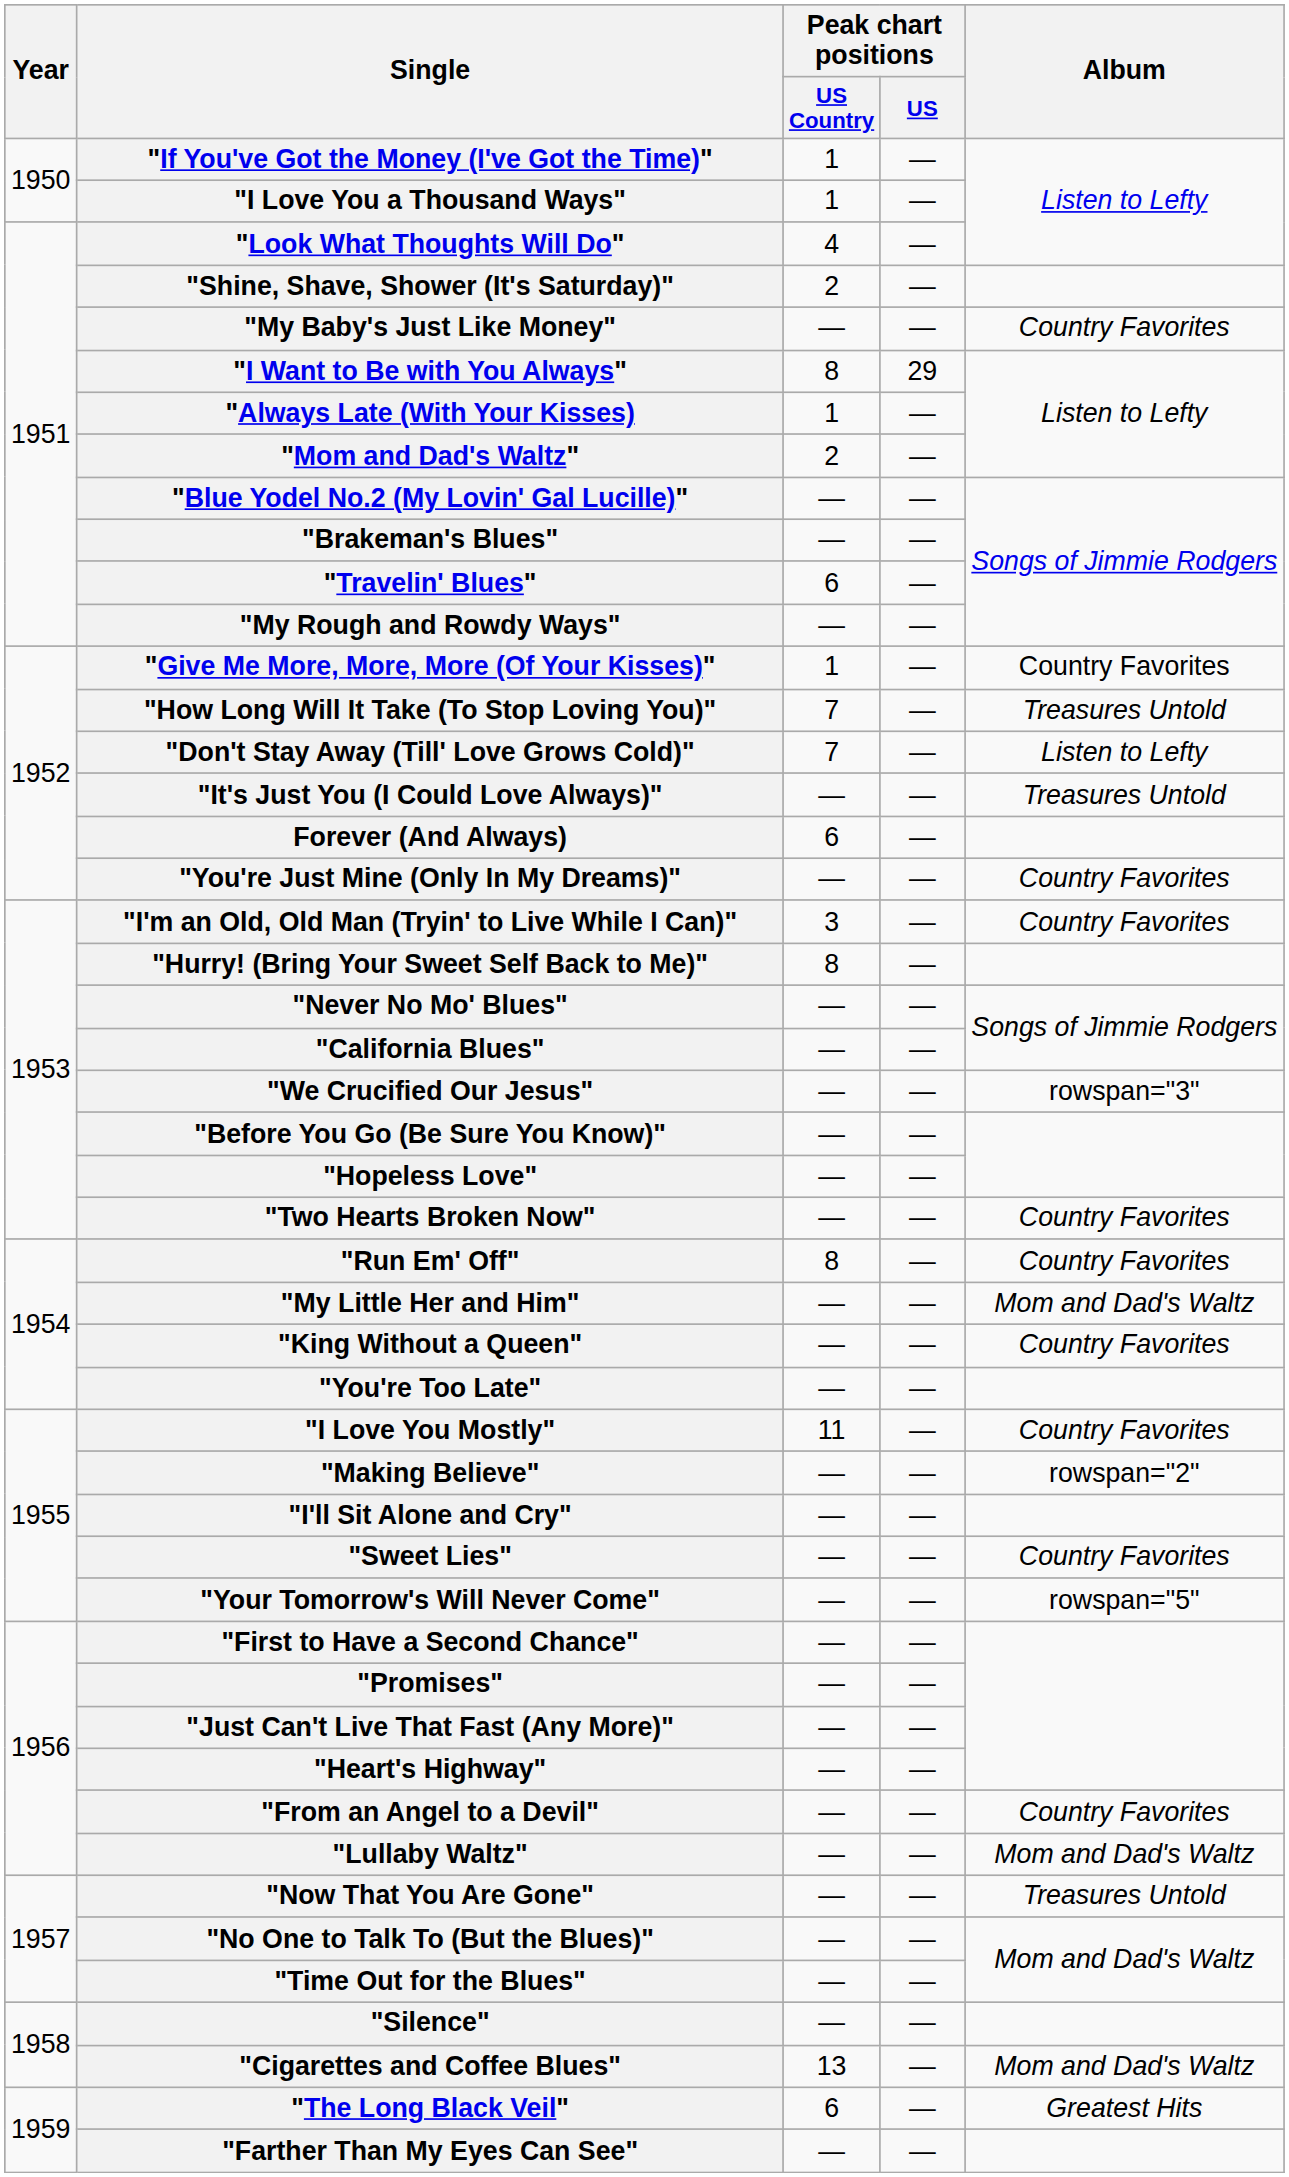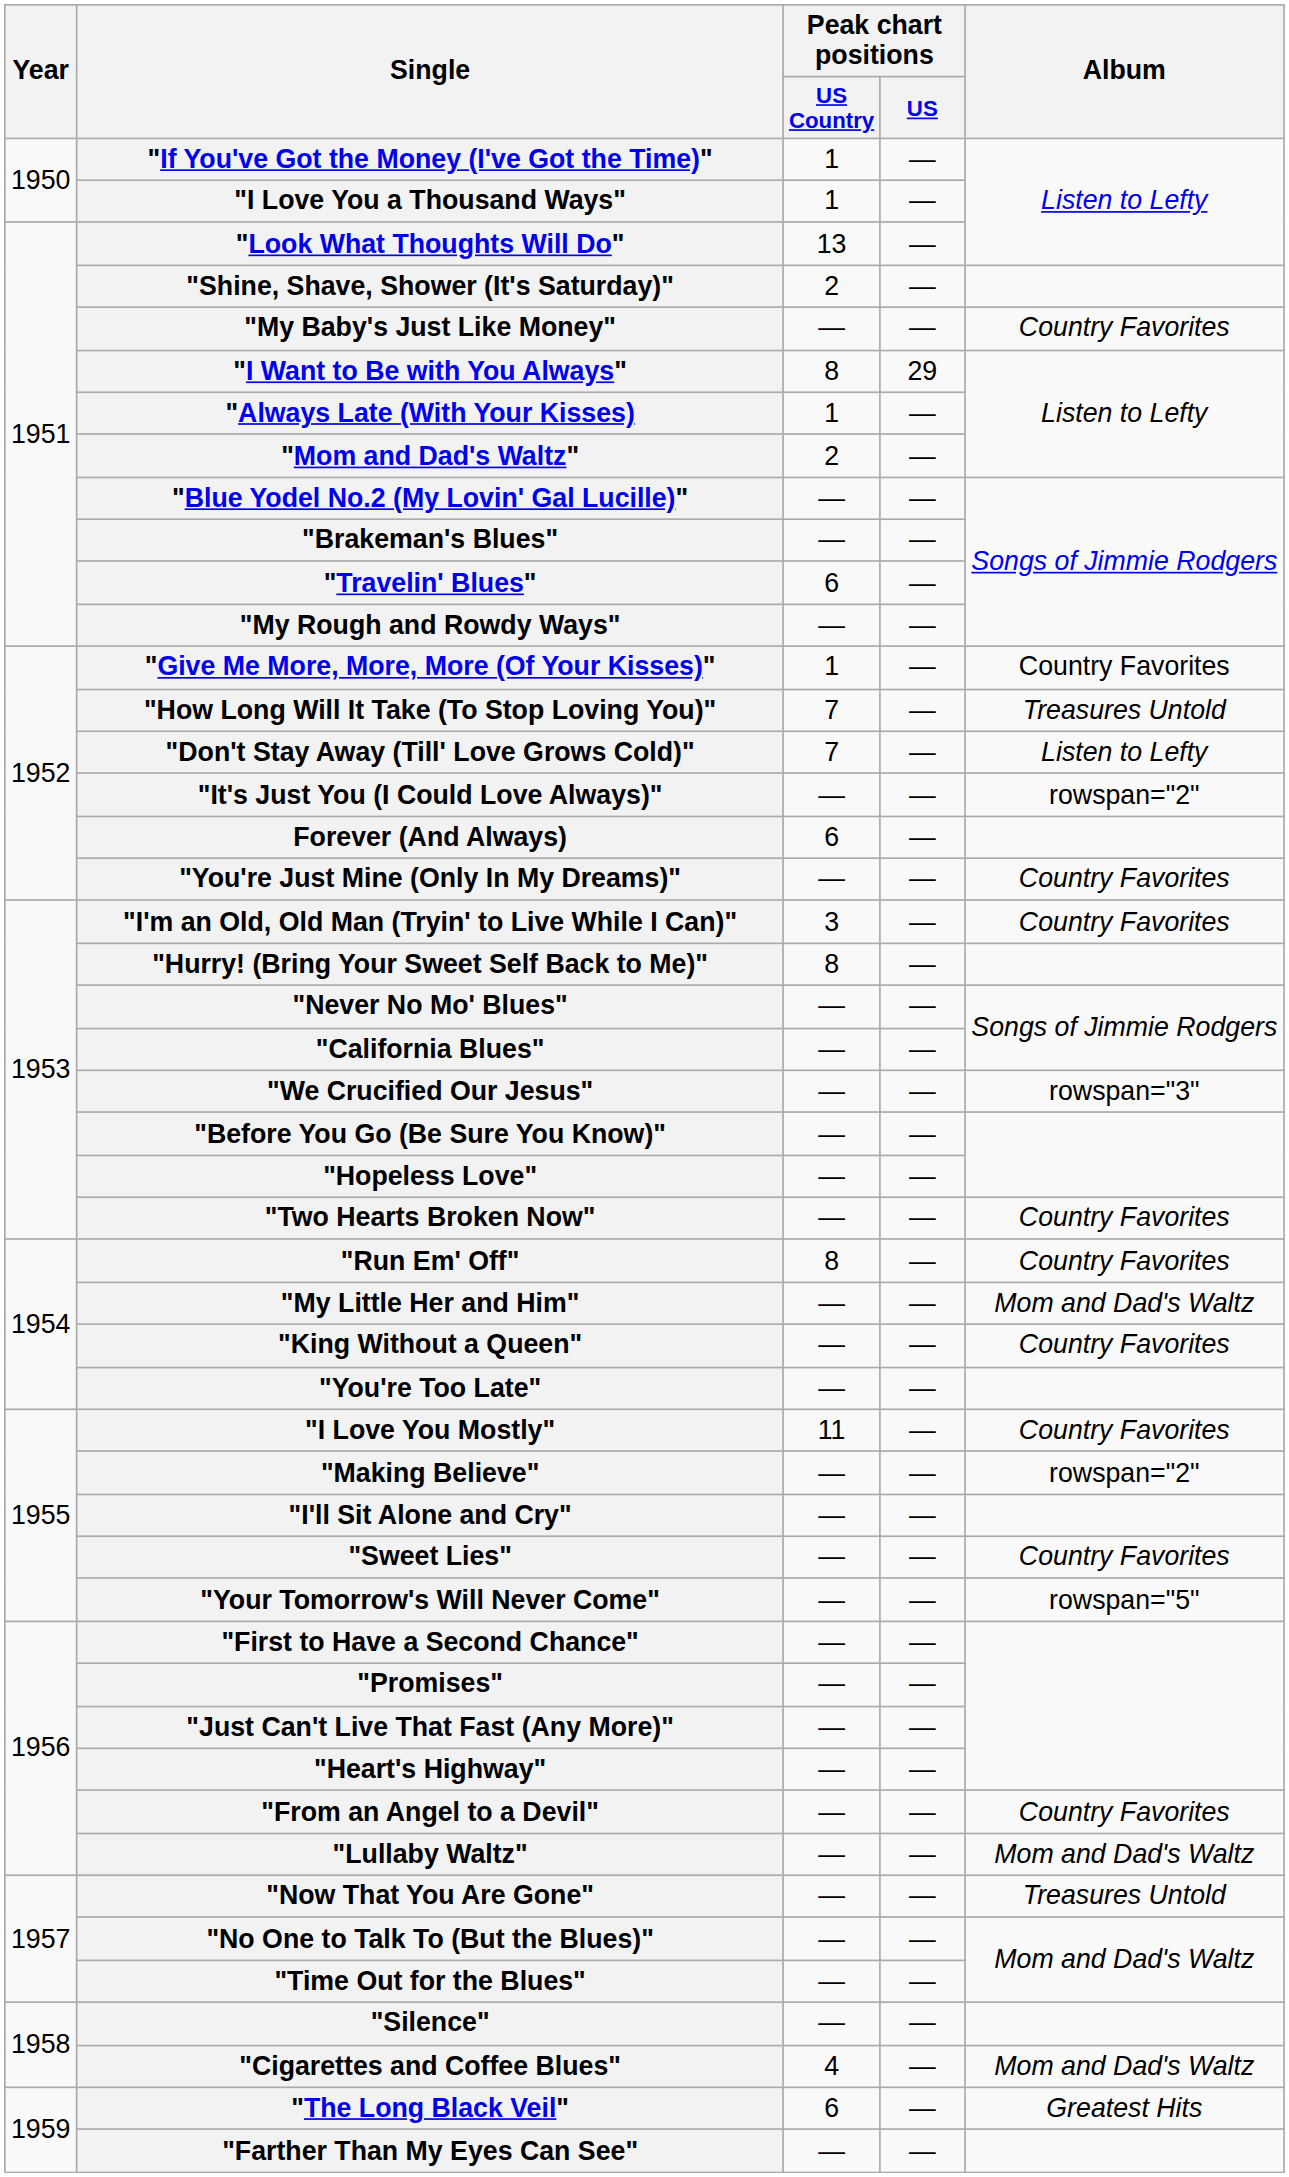 <table class="wikitable plainrowheaders" style="text-align:center;">
 <tr>
 <th rowspan="2">Year</th>
 <th rowspan="2" style="width:26em;">Single</th>
 <th colspan="2">Peak chart<br>positions</th>
 <th rowspan="2">Album</th>
 </tr>
 <tr style="font-size:smaller;">
 <th width="45"><a href='#'>US Country</a></th>
 <th width="45"><a href='#'>US</a></th>
 </tr>
 <tr>
 <td rowspan="2">1950</td>
 <th scope="row">"<a href='#'>If You've Got the Money (I've Got the Time)</a>"</th>
 <td>1</td>
 <td>—</td>
 <td rowspan="3"><em><a href='#'>Listen to Lefty</a></em></td>
 </tr>
 <tr>
 <th scope="row">"I Love You a Thousand Ways"</th>
 <td>1</td>
 <td>—</td>
 </tr>
 <tr>
 <td rowspan="10">1951</td>
 <th scope="row">"<a href='#'>Look What Thoughts Will Do</a>"</th>
-<td>4</td>
+<td>13</td>
 <td>—</td>
 </tr>
 <tr>
 <th scope="row">"Shine, Shave, Shower (It's Saturday)"</th>
 <td>2</td>
 <td>—</td>
 <td></td>
 </tr>
 <tr>
 <th scope="row">"My Baby's Just Like Money"</th>
 <td>—</td>
 <td>—</td>
 <td align="row"><em>Country Favorites</em></td>
 </tr>
 <tr>
 <th scope="row">"<a href='#'>I Want to Be with You Always</a>"</th>
 <td>8</td>
 <td>29</td>
 <td rowspan="3"><em>Listen to Lefty</em></td>
 </tr>
 <tr>
 <th scope="row">"<a href='#'>Always Late (With Your Kisses)</a></th>
 <td>1</td>
 <td>—</td>
 </tr>
 <tr>
 <th scope="row">"<a href='#'>Mom and Dad's Waltz</a>"</th>
 <td>2</td>
 <td>—</td>
 </tr>
 <tr>
 <th scope="row">"<a href='#'>Blue Yodel No.2 (My Lovin' Gal Lucille)</a>"</th>
 <td>—</td>
 <td>—</td>
 <td rowspan="4"><em><a href='#'>Songs of Jimmie Rodgers</a></em></td>
 </tr>
 <tr>
 <th scope="row">"Brakeman's Blues"</th>
 <td>—</td>
 <td>—</td>
 </tr>
 <tr>
 <th scope="row">"<a href='#'>Travelin' Blues</a>"</th>
 <td>6</td>
 <td>—</td>
 </tr>
 <tr>
 <th scope="row">"My Rough and Rowdy Ways"</th>
 <td>—</td>
 <td>—</td>
 </tr>
 <tr>
 <td rowspan="6">1952</td>
 <th scope="row">"<a href='#'>Give Me More, More, More (Of Your Kisses)</a>"</th>
 <td>1</td>
 <td>—</td>
 <td align="row">Country Favorites</td>
 </tr>
 <tr>
 <th scope="row">"How Long Will It Take (To Stop Loving You)"</th>
 <td>7</td>
 <td>—</td>
 <td align="row"><em>Treasures Untold</em></td>
 </tr>
 <tr>
 <th scope="row">"Don't Stay Away (Till' Love Grows Cold)"</th>
 <td>7</td>
 <td>—</td>
 <td align="row"><em>Listen to Lefty</em></td>
 </tr>
 <tr>
 <th scope="row">"It's Just You (I Could Love Always)"</th>
 <td>—</td>
 <td>—</td>
-<td align="row"><em>Treasures Untold</em></td>
+<td>rowspan="2" </td>
 </tr>
 <tr>
 <th scope="row">Forever (And Always)</th>
 <td>6</td>
 <td>—</td>
 <td></td>
 </tr>
 <tr>
 <th scope="row">"You're Just Mine (Only In My Dreams)"</th>
 <td>—</td>
 <td>—</td>
 <td align="row"><em>Country Favorites</em></td>
 </tr>
 <tr>
 <td rowspan="8">1953</td>
 <th scope="row">"I'm an Old, Old Man (Tryin' to Live While I Can)"</th>
 <td>3</td>
 <td>—</td>
 <td align="row"><em>Country Favorites</em></td>
 </tr>
 <tr>
 <th scope="row">"Hurry! (Bring Your Sweet Self Back to Me)"</th>
 <td>8</td>
 <td>—</td>
 </tr>
 <tr>
 <th scope="row">"Never No Mo' Blues"</th>
 <td>—</td>
 <td>—</td>
 <td rowspan="2"><em>Songs of Jimmie Rodgers</em></td>
 </tr>
 <tr>
 <th scope="row">"California Blues"</th>
 <td>—</td>
 <td>—</td>
 </tr>
 <tr>
 <th scope="row">"We Crucified Our Jesus"</th>
 <td>—</td>
 <td>—</td>
 <td>rowspan="3" </td>
 </tr>
 <tr>
 <th scope="row">"Before You Go (Be Sure You Know)"</th>
 <td>—</td>
 <td>—</td>
 </tr>
 <tr>
 <th scope="row">"Hopeless Love"</th>
 <td>—</td>
 <td>—</td>
 </tr>
 <tr>
 <th scope="row">"Two Hearts Broken Now"</th>
 <td>—</td>
 <td>—</td>
 <td align="row"><em>Country Favorites</em></td>
 </tr>
 <tr>
 <td rowspan="4">1954</td>
 <th scope="row">"Run Em' Off"</th>
 <td>8</td>
 <td>—</td>
 <td align="row"><em>Country Favorites</em></td>
 </tr>
 <tr>
 <th scope="row">"My Little Her and Him"</th>
 <td>—</td>
 <td>—</td>
 <td align="row"><em>Mom and Dad's Waltz</em></td>
 </tr>
 <tr>
 <th scope="row">"King Without a Queen"</th>
 <td>—</td>
 <td>—</td>
 <td align="row"><em>Country Favorites</em></td>
 </tr>
 <tr>
 <th scope="row">"You're Too Late"</th>
 <td>—</td>
 <td>—</td>
 <td></td>
 </tr>
 <tr>
 <td rowspan="5">1955</td>
 <th scope="row">"I Love You Mostly"</th>
 <td>11</td>
 <td>—</td>
 <td align="row"><em>Country Favorites</em></td>
 </tr>
 <tr>
 <th scope="row">"Making Believe"</th>
 <td>—</td>
 <td>—</td>
 <td>rowspan="2" </td>
 </tr>
 <tr>
 <th scope="row">"I'll Sit Alone and Cry"</th>
 <td>—</td>
 <td>—</td>
 </tr>
 <tr>
 <th scope="row">"Sweet Lies"</th>
 <td>—</td>
 <td>—</td>
 <td align="row"><em>Country Favorites</em></td>
 </tr>
 <tr>
 <th scope="row">"Your Tomorrow's Will Never Come"</th>
 <td>—</td>
 <td>—</td>
 <td>rowspan="5" </td>
 </tr>
 <tr>
 <td rowspan="6">1956</td>
 <th scope="row">"First to Have a Second Chance"</th>
 <td>—</td>
 <td>—</td>
 </tr>
 <tr>
 <th scope="row">"Promises"</th>
 <td>—</td>
 <td>—</td>
 </tr>
 <tr>
 <th scope="row">"Just Can't Live That Fast (Any More)"</th>
 <td>—</td>
 <td>—</td>
 </tr>
 <tr>
 <th scope="row">"Heart's Highway"</th>
 <td>—</td>
 <td>—</td>
 </tr>
 <tr>
 <th scope="row">"From an Angel to a Devil"</th>
 <td>—</td>
 <td>—</td>
 <td align="row"><em>Country Favorites</em></td>
 </tr>
 <tr>
 <th scope="row">"Lullaby Waltz"</th>
 <td>—</td>
 <td>—</td>
 <td align="row"><em>Mom and Dad's Waltz</em></td>
 </tr>
 <tr>
 <td rowspan="3">1957</td>
 <th scope="row">"Now That You Are Gone"</th>
 <td>—</td>
 <td>—</td>
 <td align="row"><em>Treasures Untold</em></td>
 </tr>
 <tr>
 <th scope="row">"No One to Talk To (But the Blues)"</th>
 <td>—</td>
 <td>—</td>
 <td rowspan="2"><em>Mom and Dad's Waltz</em></td>
 </tr>
 <tr>
 <th scope="row">"Time Out for the Blues"</th>
 <td>—</td>
 <td>—</td>
 </tr>
 <tr>
 <td rowspan="2">1958</td>
 <th scope="row">"Silence"</th>
 <td>—</td>
 <td>—</td>
 <td></td>
 </tr>
 <tr>
 <th scope="row">"Cigarettes and Coffee Blues"</th>
-<td>13</td>
+<td>4</td>
 <td>—</td>
 <td align="row"><em>Mom and Dad's Waltz</em></td>
 </tr>
 <tr>
 <td rowspan="2">1959</td>
 <th scope="row">"<a href='#'>The Long Black Veil</a>"</th>
 <td>6</td>
 <td>—</td>
 <td align="row"><em>Greatest Hits</em></td>
 </tr>
 <tr>
 <th scope="row">"Farther Than My Eyes Can See"</th>
 <td>—</td>
 <td>—</td>
 <td></td>
 </tr>
 </table>
